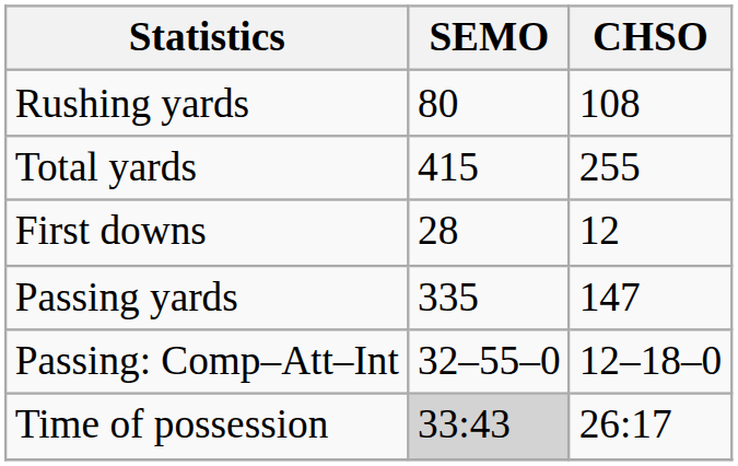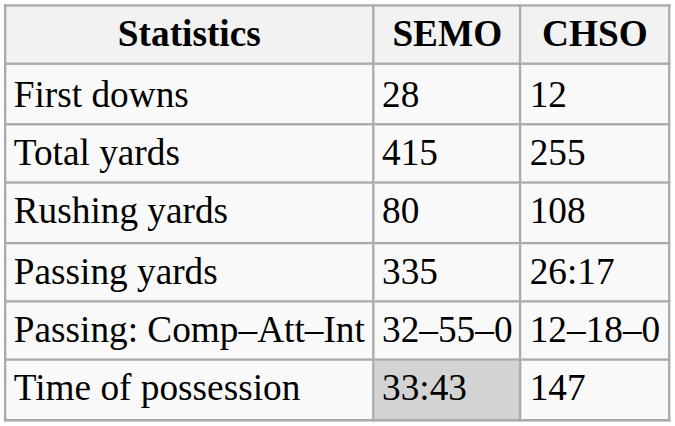 <table class="wikitable" style="float: left;">
 <tr>
 <th>Statistics</th>
 <th>SEMO</th>
 <th>CHSO</th>
 </tr>
 <tr>
-<td>Rushing yards</td>
-<td>80</td>
-<td>108</td>
+<td>First downs</td>
+<td>28</td>
+<td>12</td>
 </tr>
 <tr>
 <td>Total yards</td>
 <td>415</td>
 <td>255</td>
 </tr>
 <tr>
-<td>First downs</td>
-<td>28</td>
-<td>12</td>
+<td>Rushing yards</td>
+<td>80</td>
+<td>108</td>
 </tr>
 <tr>
 <td>Passing yards</td>
 <td>335</td>
-<td>147</td>
+<td>26:17</td>
 </tr>
 <tr>
 <td>Passing: Comp–Att–Int</td>
 <td>32–55–0</td>
 <td>12–18–0</td>
 </tr>
 <tr>
 <td>Time of possession</td>
 <td style="background: lightgrey;">33:43</td>
-<td>26:17</td>
+<td>147</td>
 </tr>
 <tr>
 </tr>
 </table>
